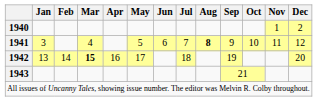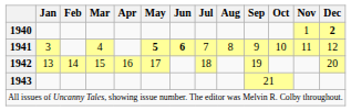 <table class="wikitable" style="font-size: 10pt; line-height: 11pt; margin-left: 2em; text-align: center; float: right; max-width: 450px">
 <tr>
 <th></th>
 <th scope=col>Jan</th>
 <th scope=col>Feb</th>
 <th scope=col>Mar</th>
 <th scope=col>Apr</th>
 <th scope=col>May</th>
 <th scope=col>Jun</th>
 <th scope=col>Jul</th>
 <th scope=col>Aug</th>
 <th scope=col>Sep</th>
 <th scope=col>Oct</th>
 <th scope=col>Nov</th>
 <th scope=col>Dec</th>
 </tr>
 <tr>
 <th scope=row>1940</th>
 <td></td>
 <td></td>
 <td></td>
 <td></td>
 <td></td>
 <td></td>
 <td></td>
 <td></td>
 <td></td>
 <td></td>
 <td bgcolor=#ffff99>1</td>
-<td bgcolor=#ffff99>2</td>
+<td bgcolor=#ffff99><strong>2</strong></td>
 </tr>
 <tr>
 <th scope=row>1941</th>
 <td bgcolor=#ffff99>3</td>
 <td></td>
 <td bgcolor=#ffff99>4</td>
 <td></td>
-<td bgcolor=#ffff99>5</td>
-<td bgcolor=#ffff99>6</td>
+<td bgcolor=#ffff99><strong>5</strong></td>
+<td bgcolor=#ffff99><strong>6</strong></td>
 <td bgcolor=#ffff99>7</td>
-<td bgcolor=#ffff99><strong>8</strong></td>
+<td bgcolor=#ffff99>8</td>
 <td bgcolor=#ffff99>9</td>
 <td bgcolor=#ffff99>10</td>
 <td bgcolor=#ffff99>11</td>
 <td bgcolor=#ffff99>12</td>
 </tr>
 <tr>
 <th scope=row>1942</th>
 <td bgcolor=#ffff99>13</td>
 <td bgcolor=#ffff99>14</td>
-<td bgcolor=#ffff99><strong>15</strong></td>
+<td bgcolor=#ffff99>15</td>
 <td bgcolor=#ffff99>16</td>
 <td bgcolor=#ffff99>17</td>
 <td></td>
 <td bgcolor=#ffff99>18</td>
 <td></td>
 <td bgcolor=#ffff99>19</td>
 <td></td>
 <td></td>
 <td bgcolor=#ffff99>20</td>
 </tr>
 <tr>
 <th scope=row>1943</th>
 <td></td>
 <td></td>
 <td></td>
 <td></td>
 <td></td>
 <td></td>
 <td></td>
 <td></td>
 <td colspan= "2" bgcolor=#ffff99>21</td>
 <td></td>
 <td></td>
 </tr>
 <tr>
 <td colspan="13" style="font-size: 8pt; text-align:left">All issues of <em>Uncanny Tales</em>, showing issue number.  The editor was Melvin R. Colby throughout.</td>
 </tr>
 </table>
